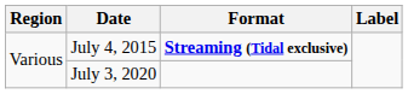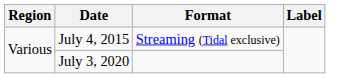 <table class="wikitable plainrowheaders">
 <tr>
 <th scope="col">Region</th>
 <th scope="col">Date</th>
 <th scope="col">Format</th>
 <th scope="col">Label</th>
 </tr>
 <tr>
 <td rowspan="2">Various</td>
 <td>July 4, 2015</td>
-<td><strong><a href='#'>Streaming</a> <small>(<a href='#'>Tidal</a> exclusive)</small></strong></td>
+<td><a href='#'>Streaming</a> <small>(<a href='#'>Tidal</a> exclusive)</small></td>
 <td rowspan="2"></td>
 </tr>
 <tr>
 <td>July 3, 2020</td>
 <td></td>
 </tr>
 </table>
